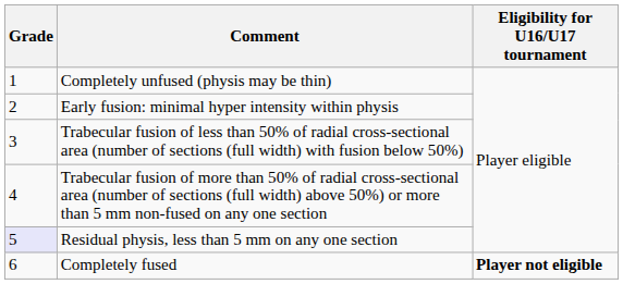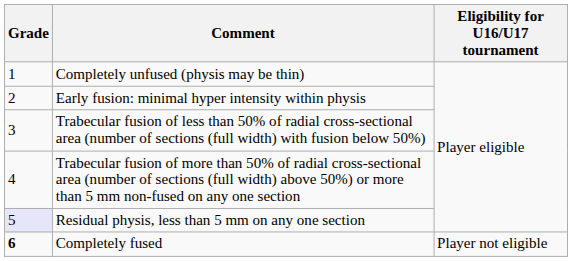 <table class="wikitable" width="600px">
 <tr>
 <th>Grade</th>
 <th>Comment</th>
 <th>Eligibility for U16/U17 tournament</th>
 </tr>
 <tr>
 <td>1</td>
 <td>Completely unfused (physis may be thin)</td>
 <td rowspan="5">Player eligible</td>
 </tr>
 <tr>
 <td>2</td>
 <td>Early fusion: minimal hyper intensity within physis</td>
 </tr>
 <tr>
 <td>3</td>
 <td>Trabecular fusion of less than 50% of radial cross-sectional area (number of sections (full width) with fusion below 50%)</td>
 </tr>
 <tr>
 <td>4</td>
 <td>Trabecular fusion of more than 50% of radial cross-sectional area (number of sections (full width) above 50%) or more than 5 mm non-fused on any one section</td>
 </tr>
 <tr>
 <td style="background: lavender;">5</td>
 <td>Residual physis, less than 5 mm on any one section</td>
 </tr>
 <tr>
-<td>6</td>
+<td><strong>6</strong></td>
 <td>Completely fused</td>
-<td><strong>Player not eligible</strong></td>
+<td>Player not eligible</td>
 </tr>
 </table>
